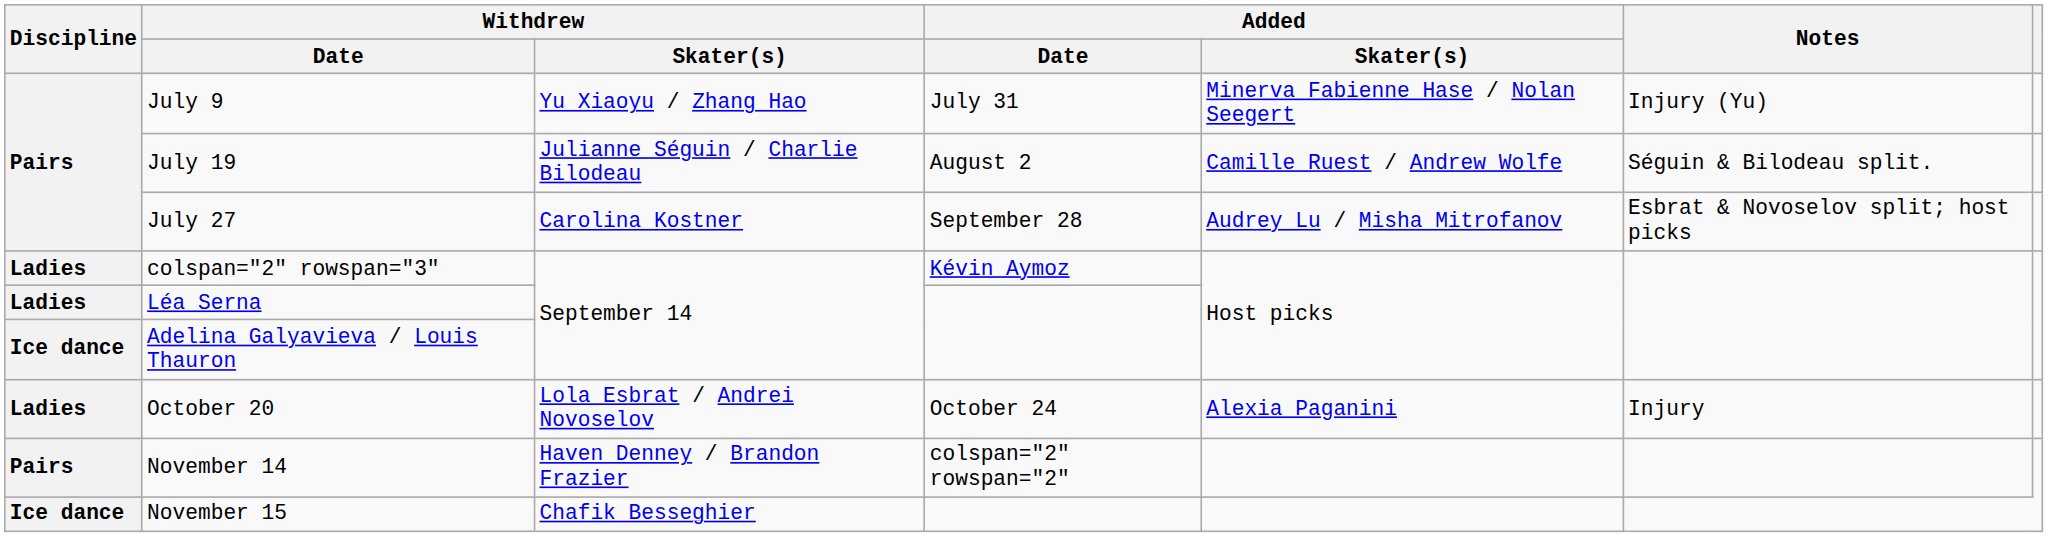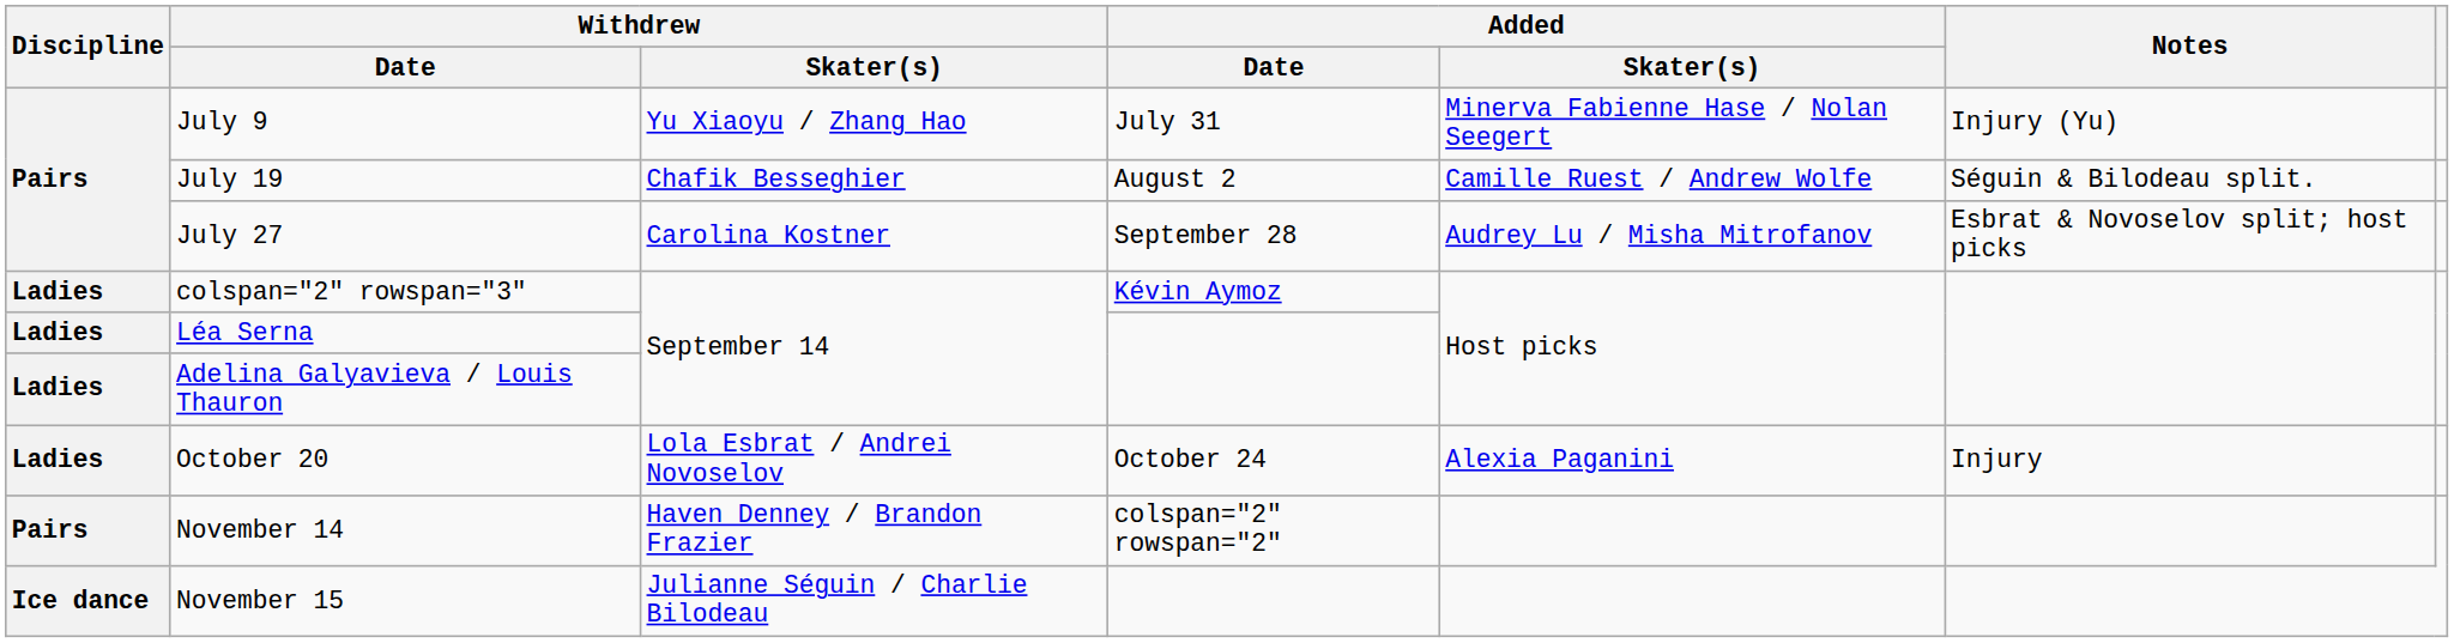 <table class="wikitable unsortable">
 <tr>
 <th scope="col" rowspan=2>Discipline</th>
 <th scope="col" colspan=2>Withdrew</th>
 <th scope="col" colspan=2>Added</th>
 <th scope="col" rowspan=2>Notes</th>
 <th scope="col" rowspan=2></th>
 </tr>
 <tr>
 <th>Date</th>
 <th>Skater(s)</th>
 <th>Date</th>
 <th>Skater(s)</th>
 </tr>
 <tr>
 <th scope="row" style="text-align:left" rowspan="3">Pairs</th>
 <td>July 9</td>
 <td> <a href='#'>Yu Xiaoyu</a> / <a href='#'>Zhang Hao</a></td>
 <td>July 31</td>
 <td> <a href='#'>Minerva Fabienne Hase</a> / <a href='#'>Nolan Seegert</a></td>
 <td>Injury (Yu)</td>
 <td></td>
 </tr>
 <tr>
 <td>July 19</td>
-<td> <a href='#'>Julianne Séguin</a> / <a href='#'>Charlie Bilodeau</a></td>
+<td> <a href='#'>Chafik Besseghier</a></td>
 <td>August 2</td>
 <td> <a href='#'>Camille Ruest</a> / <a href='#'>Andrew Wolfe</a></td>
 <td>Séguin & Bilodeau split.</td>
 <td></td>
 </tr>
 <tr>
 <td>July 27</td>
 <td> <a href='#'>Carolina Kostner</a></td>
 <td>September 28</td>
 <td> <a href='#'>Audrey Lu</a> / <a href='#'>Misha Mitrofanov</a></td>
 <td>Esbrat & Novoselov split; host picks</td>
 <td></td>
 </tr>
 <tr>
 <th scope="row" style="text-align:left">Ladies</th>
 <td>colspan="2" rowspan="3" </td>
 <td rowspan="3">September 14</td>
 <td> <a href='#'>Kévin Aymoz</a></td>
 <td rowspan="3">Host picks</td>
 <td rowspan="3"></td>
 </tr>
 <tr>
 <th scope="row" style="text-align:left">Ladies</th>
 <td> <a href='#'>Léa Serna</a></td>
 </tr>
 <tr>
-<th scope="row" style="text-align:left">Ice dance</th>
+<th scope="row" style="text-align:left">Ladies</th>
 <td> <a href='#'>Adelina Galyavieva</a> / <a href='#'>Louis Thauron</a></td>
 </tr>
 <tr>
 <th scope="row" style="text-align:left">Ladies</th>
 <td>October 20</td>
 <td> <a href='#'>Lola Esbrat</a> / <a href='#'>Andrei Novoselov</a></td>
 <td>October 24</td>
 <td> <a href='#'>Alexia Paganini</a></td>
 <td>Injury</td>
 <td></td>
 </tr>
 <tr>
 <th scope="row" style="text-align:left">Pairs</th>
 <td>November 14</td>
 <td> <a href='#'>Haven Denney</a> / <a href='#'>Brandon Frazier</a></td>
 <td>colspan="2" rowspan="2" </td>
 <td></td>
 <td></td>
 </tr>
 <tr>
 <th scope="row" style="text-align:left">Ice dance</th>
 <td>November 15</td>
-<td> <a href='#'>Chafik Besseghier</a></td>
+<td> <a href='#'>Julianne Séguin</a> / <a href='#'>Charlie Bilodeau</a></td>
 <td></td>
 <td></td>
 </tr>
 </table>
